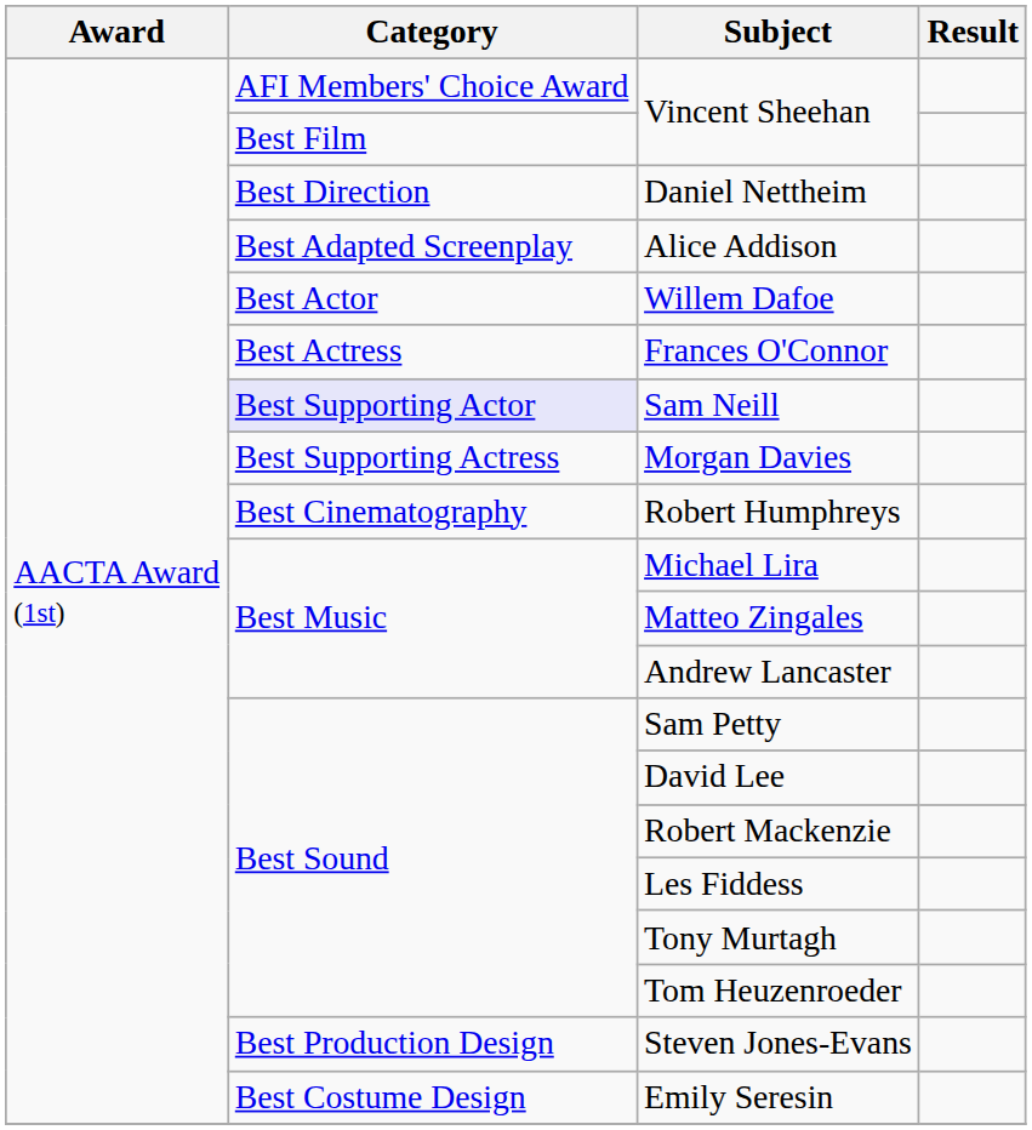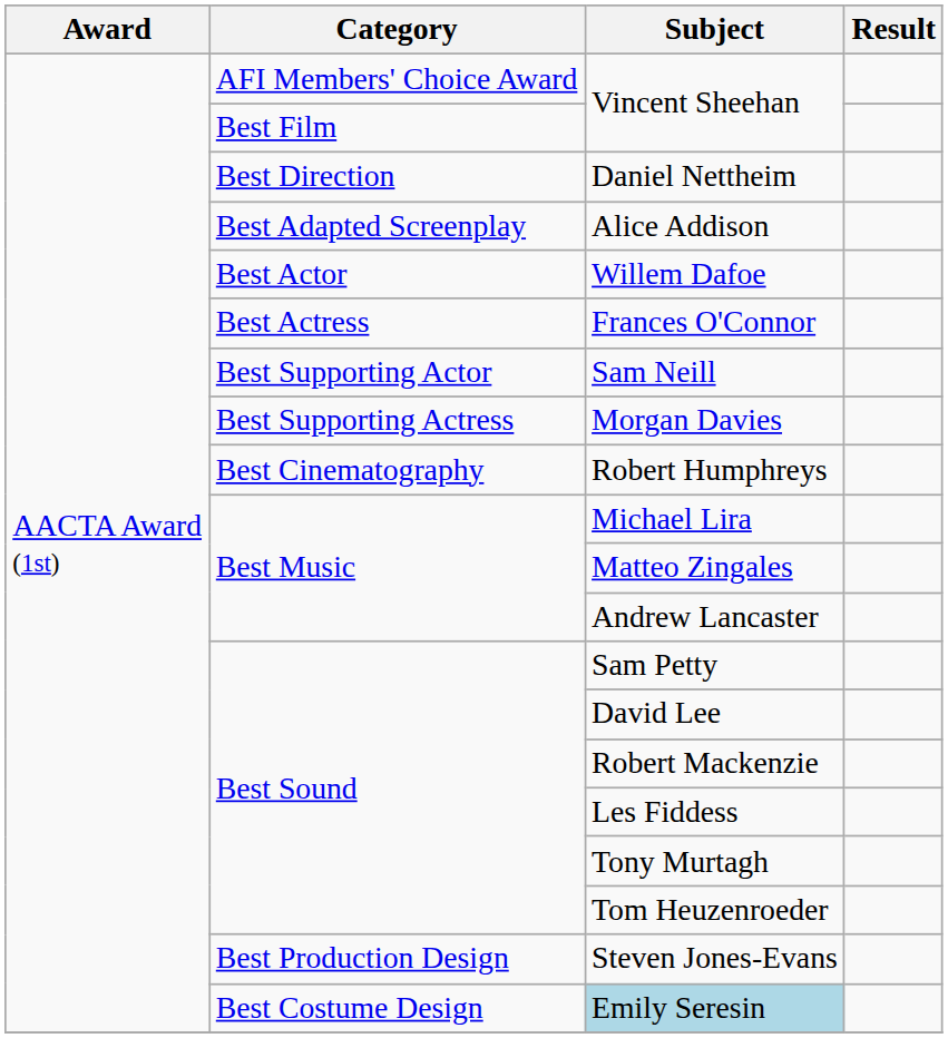 <table class="wikitable">
 <tr>
 <th>Award</th>
 <th>Category</th>
 <th>Subject</th>
 <th>Result</th>
 </tr>
 <tr>
 <td rowspan=20><a href='#'>AACTA Award</a><br><small>(<a href='#'>1st</a>)</small></td>
 <td><a href='#'>AFI Members' Choice Award</a></td>
 <td rowspan=2>Vincent Sheehan</td>
 <td></td>
 </tr>
 <tr>
 <td><a href='#'>Best Film</a></td>
 <td></td>
 </tr>
 <tr>
 <td><a href='#'>Best Direction</a></td>
 <td>Daniel Nettheim</td>
 <td></td>
 </tr>
 <tr>
 <td><a href='#'>Best Adapted Screenplay</a></td>
 <td>Alice Addison</td>
 <td></td>
 </tr>
 <tr>
 <td><a href='#'>Best Actor</a></td>
 <td><a href='#'>Willem Dafoe</a></td>
 <td></td>
 </tr>
 <tr>
 <td><a href='#'>Best Actress</a></td>
 <td><a href='#'>Frances O'Connor</a></td>
 <td></td>
 </tr>
 <tr>
-<td style="background: lavender;"><a href='#'>Best Supporting Actor</a></td>
+<td><a href='#'>Best Supporting Actor</a></td>
 <td><a href='#'>Sam Neill</a></td>
 <td></td>
 </tr>
 <tr>
 <td><a href='#'>Best Supporting Actress</a></td>
 <td><a href='#'>Morgan Davies</a></td>
 <td></td>
 </tr>
 <tr>
 <td><a href='#'>Best Cinematography</a></td>
 <td>Robert Humphreys</td>
 <td></td>
 </tr>
 <tr>
 <td rowspan=3><a href='#'>Best Music</a></td>
 <td><a href='#'>Michael Lira</a></td>
 <td></td>
 </tr>
 <tr>
 <td><a href='#'>Matteo Zingales</a></td>
 <td></td>
 </tr>
 <tr>
 <td>Andrew Lancaster</td>
 <td></td>
 </tr>
 <tr>
 <td rowspan=6><a href='#'>Best Sound</a></td>
 <td>Sam Petty</td>
 <td></td>
 </tr>
 <tr>
 <td>David Lee</td>
 <td></td>
 </tr>
 <tr>
 <td>Robert Mackenzie</td>
 <td></td>
 </tr>
 <tr>
 <td>Les Fiddess</td>
 <td></td>
 </tr>
 <tr>
 <td>Tony Murtagh</td>
 <td></td>
 </tr>
 <tr>
 <td>Tom Heuzenroeder</td>
 <td></td>
 </tr>
 <tr>
 <td><a href='#'>Best Production Design</a></td>
 <td>Steven Jones-Evans</td>
 <td></td>
 </tr>
 <tr>
 <td><a href='#'>Best Costume Design</a></td>
-<td>Emily Seresin</td>
+<td style="background: lightblue;">Emily Seresin</td>
 <td></td>
 </tr>
 <tr>
 </tr>
 </table>
